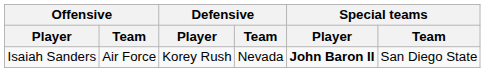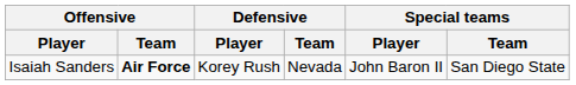 <table class="wikitable">
 <tr>
 <th colspan="2">Offensive</th>
 <th colspan="2">Defensive</th>
 <th colspan="2">Special teams</th>
 </tr>
 <tr>
 <th>Player</th>
 <th>Team</th>
 <th>Player</th>
 <th>Team</th>
 <th>Player</th>
 <th>Team</th>
 </tr>
 <tr>
 <td>Isaiah Sanders</td>
-<td>Air Force</td>
+<td><strong>Air Force</strong></td>
 <td>Korey Rush</td>
 <td>Nevada</td>
-<td><strong>John Baron II</strong></td>
+<td>John Baron II</td>
 <td>San Diego State</td>
 </tr>
 </table>
